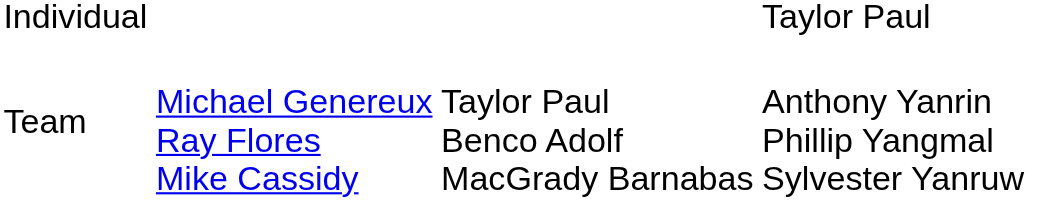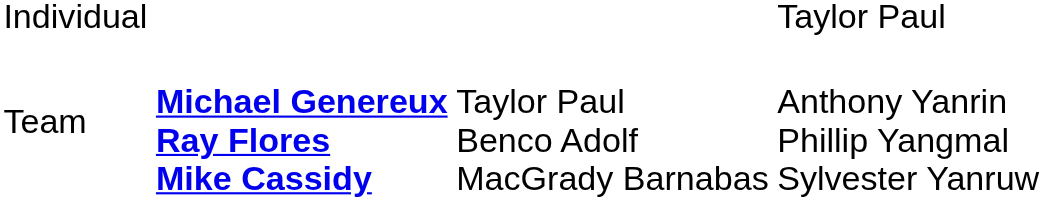 <table>
 <tr>
 <td>Individual</td>
 <td></td>
 <td></td>
 <td>Taylor Paul<br></td>
 </tr>
 <tr>
 <td>Team</td>
-<td nowrap><br><a href='#'>Michael Genereux</a><br><a href='#'>Ray Flores</a><br><a href='#'>Mike Cassidy</a></td>
+<td nowrap><strong><br><a href='#'>Michael Genereux</a><br><a href='#'>Ray Flores</a><br><a href='#'>Mike Cassidy</a></strong></td>
 <td nowrap><br>Taylor Paul<br>Benco Adolf<br>MacGrady Barnabas</td>
 <td nowrap><br>Anthony Yanrin<br>Phillip Yangmal<br>Sylvester Yanruw</td>
 </tr>
 </table>
